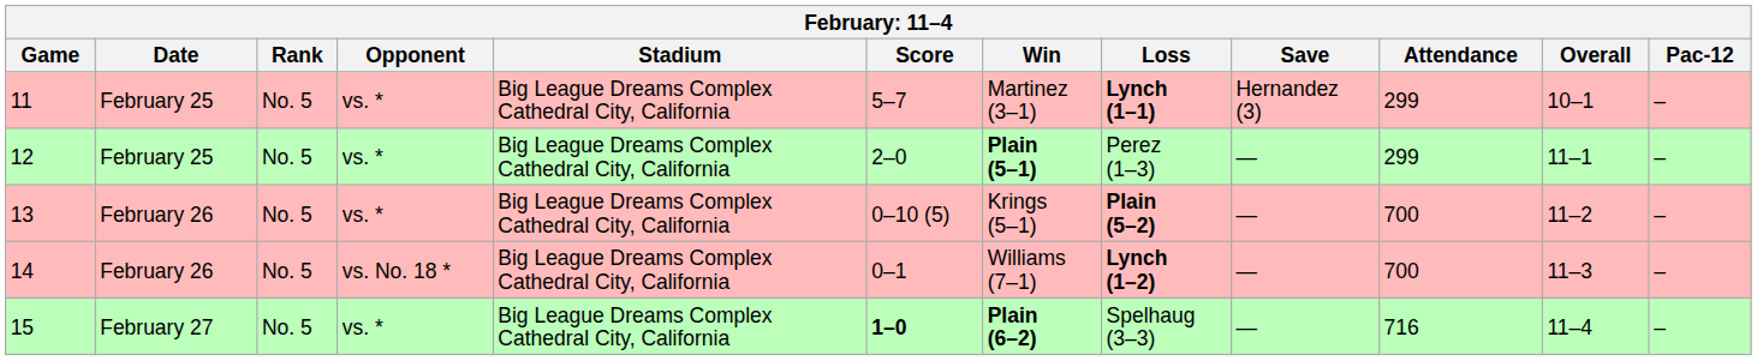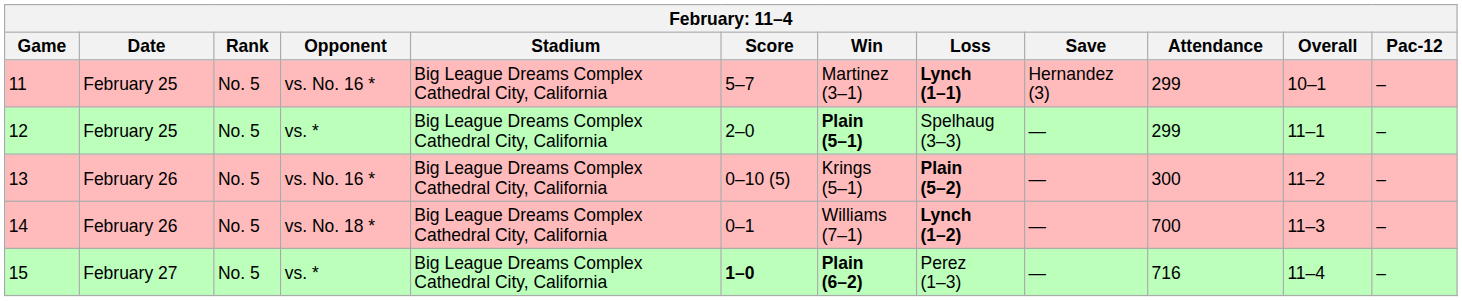 <table class="wikitable collapsible collapsed" style="margin:auto; font-size:95%; width:100%">
 <tr>
 <th colspan=12>February: 11–4</th>
 </tr>
 <tr>
 <th>Game</th>
 <th>Date</th>
 <th>Rank</th>
 <th>Opponent</th>
 <th>Stadium</th>
 <th>Score</th>
 <th>Win</th>
 <th>Loss</th>
 <th>Save</th>
 <th>Attendance</th>
 <th>Overall</th>
 <th>Pac-12</th>
 </tr>
 <tr style="background:#fbb;">
 <td>11</td>
 <td>February 25</td>
 <td>No. 5</td>
-<td>vs. *</td>
+<td>vs. No. 16 *</td>
 <td>Big League Dreams Complex<br>Cathedral City, California</td>
 <td>5–7</td>
 <td>Martinez<br>(3–1)</td>
 <td><strong>Lynch<br>(1–1)</strong></td>
 <td>Hernandez<br>(3)</td>
 <td>299</td>
 <td>10–1</td>
 <td>–</td>
 </tr>
 <tr style="background:#bfb;">
 <td>12</td>
 <td>February 25</td>
 <td>No. 5</td>
 <td>vs. *</td>
 <td>Big League Dreams Complex<br>Cathedral City, California</td>
 <td>2–0</td>
 <td><strong>Plain<br>(5–1)</strong></td>
-<td>Perez<br>(1–3)</td>
+<td>Spelhaug<br>(3–3)</td>
 <td>—</td>
 <td>299</td>
 <td>11–1</td>
 <td>–</td>
 </tr>
 <tr style="background:#fbb;">
 <td>13</td>
 <td>February 26</td>
 <td>No. 5</td>
-<td>vs. *</td>
+<td>vs. No. 16 *</td>
 <td>Big League Dreams Complex<br>Cathedral City, California</td>
 <td>0–10 (5)</td>
 <td>Krings<br>(5–1)</td>
 <td><strong>Plain<br>(5–2)</strong></td>
 <td>—</td>
-<td>700</td>
+<td>300</td>
 <td>11–2</td>
 <td>–</td>
 </tr>
 <tr style="background:#fbb;">
 <td>14</td>
 <td>February 26</td>
 <td>No. 5</td>
 <td>vs. No. 18 *</td>
 <td>Big League Dreams Complex<br>Cathedral City, California</td>
 <td>0–1</td>
 <td>Williams<br>(7–1)</td>
 <td><strong>Lynch<br>(1–2)</strong></td>
 <td>—</td>
 <td>700</td>
 <td>11–3</td>
 <td>–</td>
 </tr>
 <tr style="background:#bfb;">
 <td>15</td>
 <td>February 27</td>
 <td>No. 5</td>
 <td>vs. *</td>
 <td>Big League Dreams Complex<br>Cathedral City, California</td>
 <td><strong>1–0</strong></td>
 <td><strong>Plain<br>(6–2)</strong></td>
-<td>Spelhaug<br>(3–3)</td>
+<td>Perez<br>(1–3)</td>
 <td>—</td>
 <td>716</td>
 <td>11–4</td>
 <td>–</td>
 </tr>
 </table>
